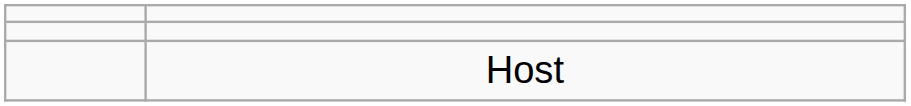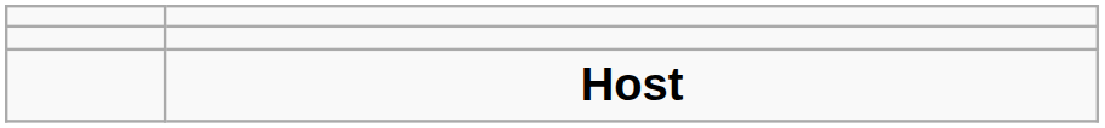 <table class="wikitable" width=30%>
 <tr align=center>
 <td></td>
 <td></td>
 </tr>
 <tr align=center>
 <td></td>
 <td></td>
 </tr>
 <tr align=center>
 <td></td>
-<td>Host</td>
+<td><strong>Host</strong></td>
 </tr>
 </table>
